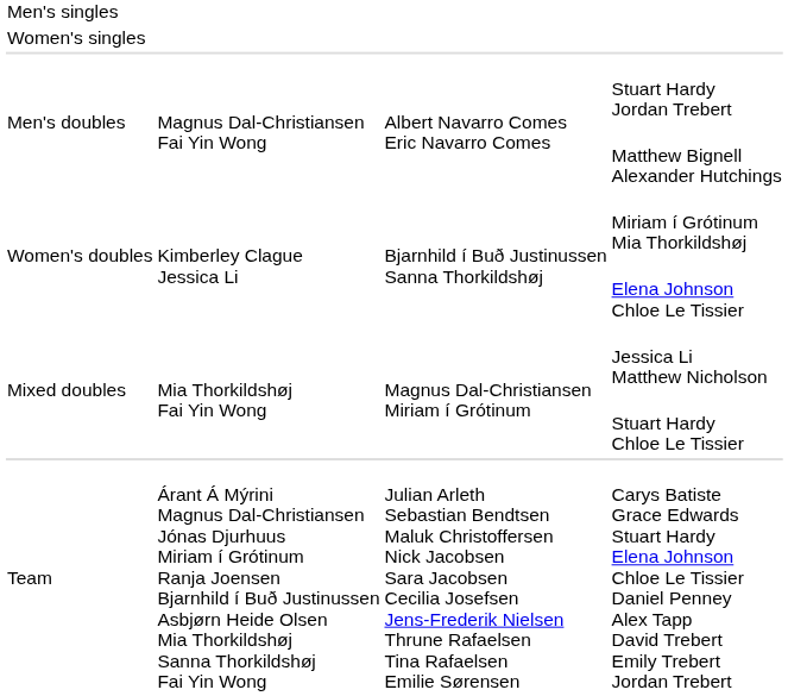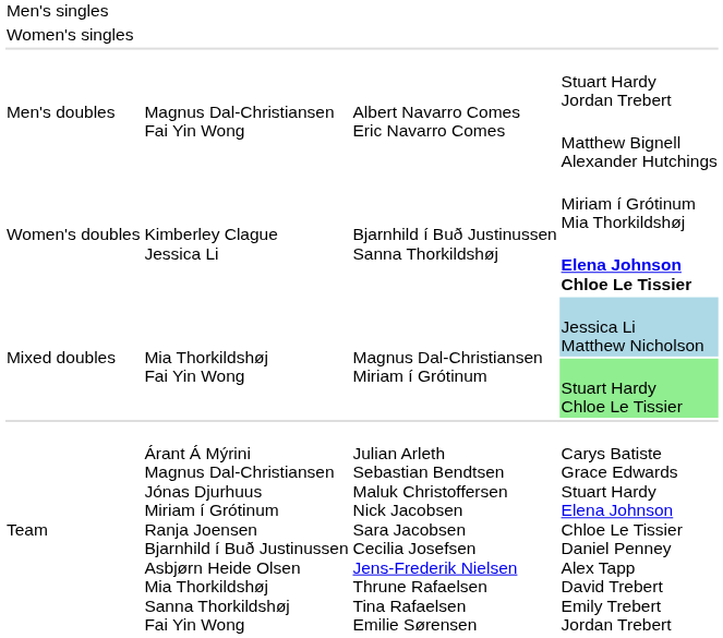 <table>
 <tr>
 <td rowspan=2>Men's singles</td>
 <td rowspan=2></td>
 <td rowspan=2></td>
 <td nowrap></td>
 </tr>
 <tr>
 <td></td>
 </tr>
 <tr>
 <td rowspan=2>Women's singles</td>
 <td rowspan=2></td>
 <td rowspan=2></td>
 <td></td>
 </tr>
 <tr>
 <td></td>
 </tr>
 <tr bgcolor=#dddddd>
 <td colspan=5></td>
 </tr>
 <tr>
 <td rowspan=2>Men's doubles</td>
 <td rowspan=2> <br> Magnus Dal-Christiansen <br> Fai Yin Wong</td>
 <td rowspan=2> <br> Albert Navarro Comes <br> Eric Navarro Comes</td>
 <td> <br> Stuart Hardy <br> Jordan Trebert</td>
 </tr>
 <tr>
 <td> <br> Matthew Bignell <br> Alexander Hutchings</td>
 </tr>
 <tr>
 <td rowspan=2>Women's doubles</td>
 <td rowspan=2> <br> Kimberley Clague <br> Jessica Li</td>
 <td rowspan=2 nowrap> <br> Bjarnhild í Buð Justinussen <br> Sanna Thorkildshøj</td>
 <td> <br> Miriam í Grótinum <br> Mia Thorkildshøj</td>
 </tr>
 <tr>
-<td> <br> <a href='#'>Elena Johnson</a> <br> Chloe Le Tissier</td>
+<td><strong> <br> <a href='#'>Elena Johnson</a> <br> Chloe Le Tissier</strong></td>
 </tr>
 <tr>
 <td rowspan=2>Mixed doubles</td>
 <td rowspan=2><br>Mia Thorkildshøj<br>Fai Yin Wong</td>
 <td rowspan=2><br>Magnus Dal-Christiansen<br>Miriam í Grótinum</td>
-<td> <br>Jessica Li<br>Matthew Nicholson</td>
+<td style="background: lightblue;"> <br>Jessica Li<br>Matthew Nicholson</td>
 </tr>
 <tr>
-<td> <br> Stuart Hardy <br>Chloe Le Tissier</td>
+<td style="background: lightgreen;"> <br> Stuart Hardy <br>Chloe Le Tissier</td>
 </tr>
 <tr bgcolor=#dddddd>
 <td colspan=5></td>
 </tr>
 <tr>
 <td>Team</td>
 <td nowrap><br>Árant Á Mýrini<br>Magnus Dal-Christiansen<br>Jónas Djurhuus<br>Miriam í Grótinum<br>Ranja Joensen<br>Bjarnhild í Buð Justinussen<br>Asbjørn Heide Olsen<br>Mia Thorkildshøj<br>Sanna Thorkildshøj<br>Fai Yin Wong</td>
 <td><br>Julian Arleth<br>Sebastian Bendtsen<br>Maluk Christoffersen<br>Nick Jacobsen<br>Sara Jacobsen<br>Cecilia Josefsen<br><a href='#'>Jens-Frederik Nielsen</a><br>Thrune Rafaelsen<br>Tina Rafaelsen<br>Emilie Sørensen</td>
 <td><br>Carys Batiste<br>Grace Edwards<br>Stuart Hardy<br><a href='#'>Elena Johnson</a><br>Chloe Le Tissier<br>Daniel Penney<br>Alex Tapp<br>David Trebert<br>Emily Trebert<br>Jordan Trebert</td>
 </tr>
 </table>
